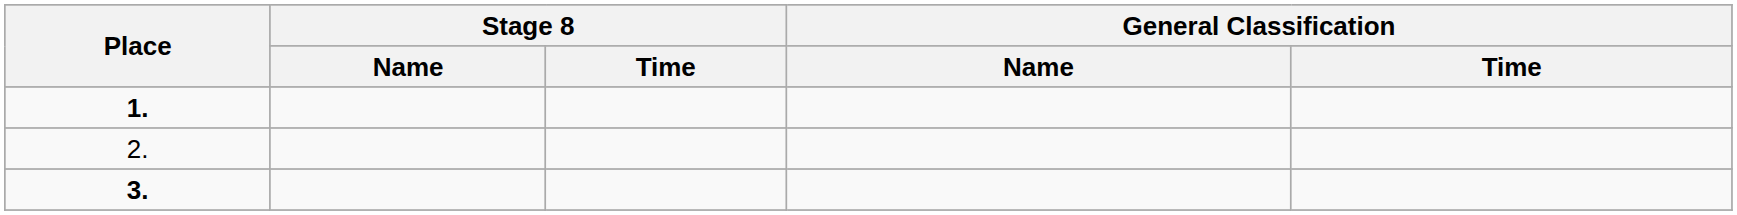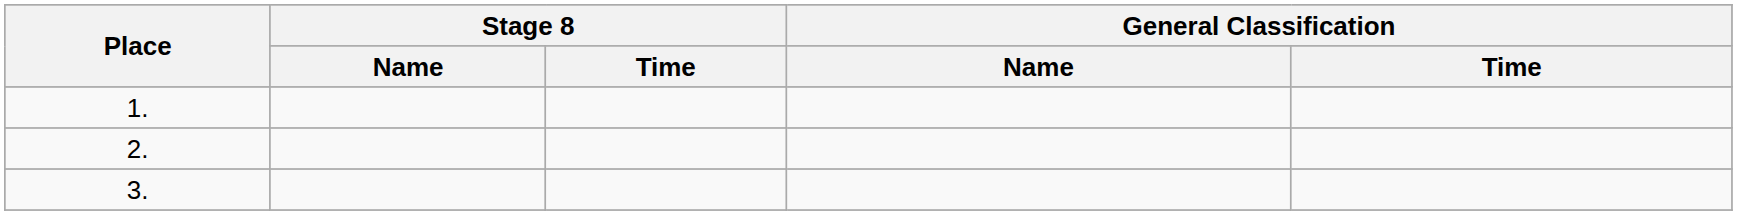 <table class=wikitable style="font-size:95%" width="80%">
 <tr>
 <th rowspan="2">Place</th>
 <th colspan="2">Stage 8</th>
 <th colspan="2">General Classification</th>
 </tr>
 <tr>
 <th>Name</th>
 <th>Time</th>
 <th>Name</th>
 <th>Time</th>
 </tr>
 <tr>
-<td align="center"><strong>1.</strong></td>
+<td align="center">1.</td>
 <td></td>
 <td></td>
 <td></td>
 <td></td>
 </tr>
 <tr>
 <td align="center">2.</td>
 <td></td>
 <td></td>
 <td></td>
 <td></td>
 </tr>
 <tr>
-<td align="center"><strong>3.</strong></td>
+<td align="center">3.</td>
 <td></td>
 <td></td>
 <td></td>
 <td></td>
 </tr>
 </table>
